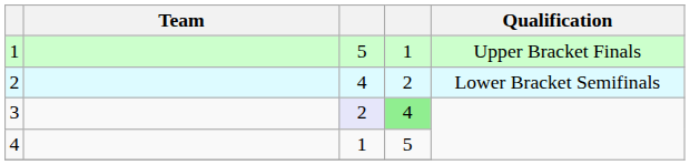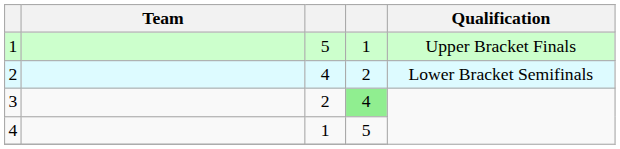 <table class="wikitable" style="text-align: center;">
 <tr>
 <th></th>
 <th width=250>Team</th>
 <th width=30></th>
 <th width=30></th>
 <th width=200>Qualification</th>
 </tr>
 <tr style="background-color:#cfc">
 <td>1</td>
 <td align=left></td>
 <td>5</td>
 <td>1</td>
 <td>Upper Bracket Finals</td>
 </tr>
 <tr style="background-color:#DDFBFF">
 <td>2</td>
 <td align=left></td>
 <td>4</td>
 <td>2</td>
 <td>Lower Bracket Semifinals</td>
 </tr>
 <tr>
 <td>3</td>
 <td align=left></td>
-<td style="background: lavender;">2</td>
+<td>2</td>
 <td style="background: lightgreen;">4</td>
 <td rowspan=3></td>
 </tr>
 <tr>
 <td>4</td>
 <td align=left></td>
 <td>1</td>
 <td>5</td>
 </tr>
 <tr>
 </tr>
 </table>
